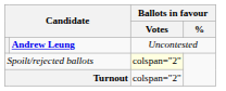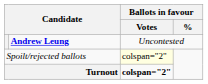 <table class=wikitable style="font-size: 90%;">
 <tr>
 <th rowspan="2" colspan="2">Candidate</th>
 <th colspan="2">Ballots in favour</th>
 </tr>
 <tr>
 <th style="width: 50px">Votes</th>
 <th style="width: 40px">%</th>
 </tr>
 <tr>
 <th style="background-color: "></th>
 <td style="width: 170px"><strong><a href='#'>Andrew Leung</a></strong> </td>
 <td colspan="2" align="center"><em>Uncontested</em></td>
 </tr>
 <tr>
 <td colspan="2" align="left"><em>Spoilt/rejected ballots</em></td>
 <td style="background: lightyellow;">colspan="2" </td>
 </tr>
 <tr>
 <th colspan="2" style="text-align:right">Turnout</th>
-<td>colspan="2" </td>
+<td><strong>colspan="2" </strong></td>
 </tr>
 </table>
